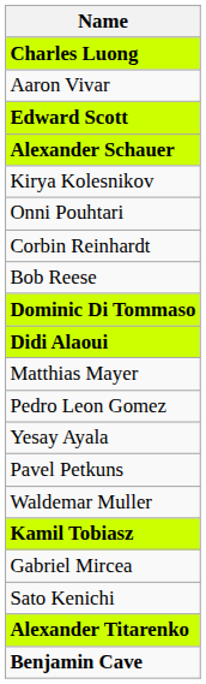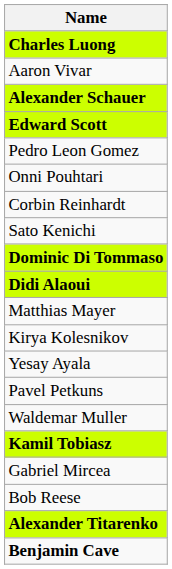 <table class="wikitable">
 <tr>
 <th>Name</th>
 </tr>
 <tr>
 <td style="background:#CCFF00"> <strong>Charles Luong</strong></td>
 </tr>
 <tr>
 <td> Aaron Vivar</td>
 </tr>
 <tr>
+<td style="background:#CCFF00"> <strong>Alexander Schauer</strong></td>
+</tr>
+<tr>
 <td style="background:#CCFF00"> <strong>Edward Scott</strong></td>
 </tr>
 <tr>
-<td style="background:#CCFF00"> <strong>Alexander Schauer</strong></td>
-</tr>
-<tr>
-<td> Kirya Kolesnikov</td>
+<td> Pedro Leon Gomez</td>
 </tr>
 <tr>
 <td> Onni Pouhtari</td>
 </tr>
 <tr>
 <td> Corbin Reinhardt</td>
 </tr>
 <tr>
-<td> Bob Reese</td>
+<td> Sato Kenichi</td>
 </tr>
 <tr>
 <td style="background:#CCFF00"> <strong>Dominic Di Tommaso</strong></td>
 </tr>
 <tr>
 <td style="background:#CCFF00"> <strong>Didi Alaoui</strong></td>
 </tr>
 <tr>
 <td> Matthias Mayer</td>
 </tr>
 <tr>
-<td> Pedro Leon Gomez</td>
+<td> Kirya Kolesnikov</td>
 </tr>
 <tr>
 <td> Yesay Ayala</td>
 </tr>
 <tr>
 <td> Pavel Petkuns</td>
 </tr>
 <tr>
 <td> Waldemar Muller</td>
 </tr>
 <tr>
 <td style="background:#CCFF00"> <strong>Kamil Tobiasz</strong></td>
 </tr>
 <tr>
 <td> Gabriel Mircea</td>
 </tr>
 <tr>
-<td> Sato Kenichi</td>
+<td> Bob Reese</td>
 </tr>
 <tr>
 <td style="background:#CCFF00"> <strong>Alexander Titarenko</strong></td>
 </tr>
 <tr>
 <td><strong> Benjamin Cave</strong></td>
 </tr>
 </table>
